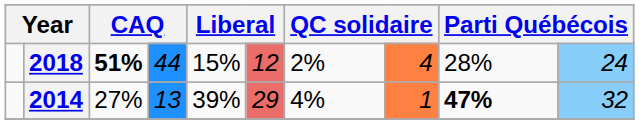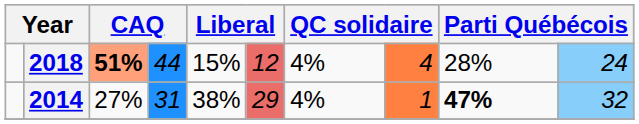 <table class="wikitable" style="width:400; font-size:90%; margin-left:1em;">
 <tr>
 <th colspan="2" scope="col">Year</th>
 <th colspan="2" scope="col"><a href='#'>CAQ</a></th>
 <th colspan="2" scope="col"><a href='#'>Liberal</a></th>
 <th colspan="2" scope="col"><a href='#'>QC solidaire</a></th>
 <th colspan="2" scope="col"><a href='#'>Parti Québécois</a></th>
 </tr>
 <tr>
 <td style="width: 0.25em; background-color: "></td>
 <th><a href='#'>2018</a></th>
-<td><strong>51%</strong></td>
+<td style="background: lightsalmon;"><strong>51%</strong></td>
 <td style="text-align:right; background:#1E90FF;"><em>44</em></td>
 <td>15%</td>
 <td style="text-align:right; background:#EA6D6A;"><em>12</em></td>
-<td>2%</td>
+<td>4%</td>
 <td style="text-align:right; background:#FF8040;"><em>4</em></td>
 <td>28%</td>
 <td style="text-align:right; background:#87CEFA;"><em>24</em></td>
 </tr>
 <tr>
 <td style="width: 0.25em; background-color: "></td>
 <th><a href='#'>2014</a></th>
 <td>27%</td>
-<td style="text-align:right; background:#1E90FF;"><em>13</em></td>
-<td>39%</td>
+<td style="text-align:right; background:#1E90FF;"><em>31</em></td>
+<td>38%</td>
 <td style="text-align:right; background:#EA6D6A;"><em>29</em></td>
 <td>4%</td>
 <td style="text-align:right; background:#FF8040;"><em>1</em></td>
 <td><strong>47%</strong></td>
 <td style="text-align:right; background:#87CEFA;"><em>32</em></td>
 </tr>
 <tr>
 </tr>
 </table>
